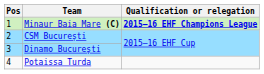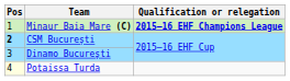 <table class="wikitable">
 <tr>
 <th>Pos</th>
 <th>Team</th>
 <th>Qualification or relegation</th>
 </tr>
 <tr style="background: #D0F0C0;">
 <td>1</td>
 <td><a href='#'>Minaur Baia Mare</a> <strong>(C)</strong></td>
 <td><strong><a href='#'>2015–16 EHF Champions League</a></strong></td>
 </tr>
 <tr style="background: #97DEFF;">
-<td>2</td>
+<td><strong>2</strong></td>
 <td><a href='#'>CSM București</a></td>
 <td rowspan=2><a href='#'>2015–16 EHF Cup</a></td>
 </tr>
 <tr style="background: #97DEFF;">
 <td>3</td>
 <td><a href='#'>Dinamo București</a></td>
 </tr>
 <tr>
-<td>4</td>
+<td style="background: lightyellow;">4</td>
 <td><a href='#'>Potaissa Turda</a></td>
 </tr>
 </table>
